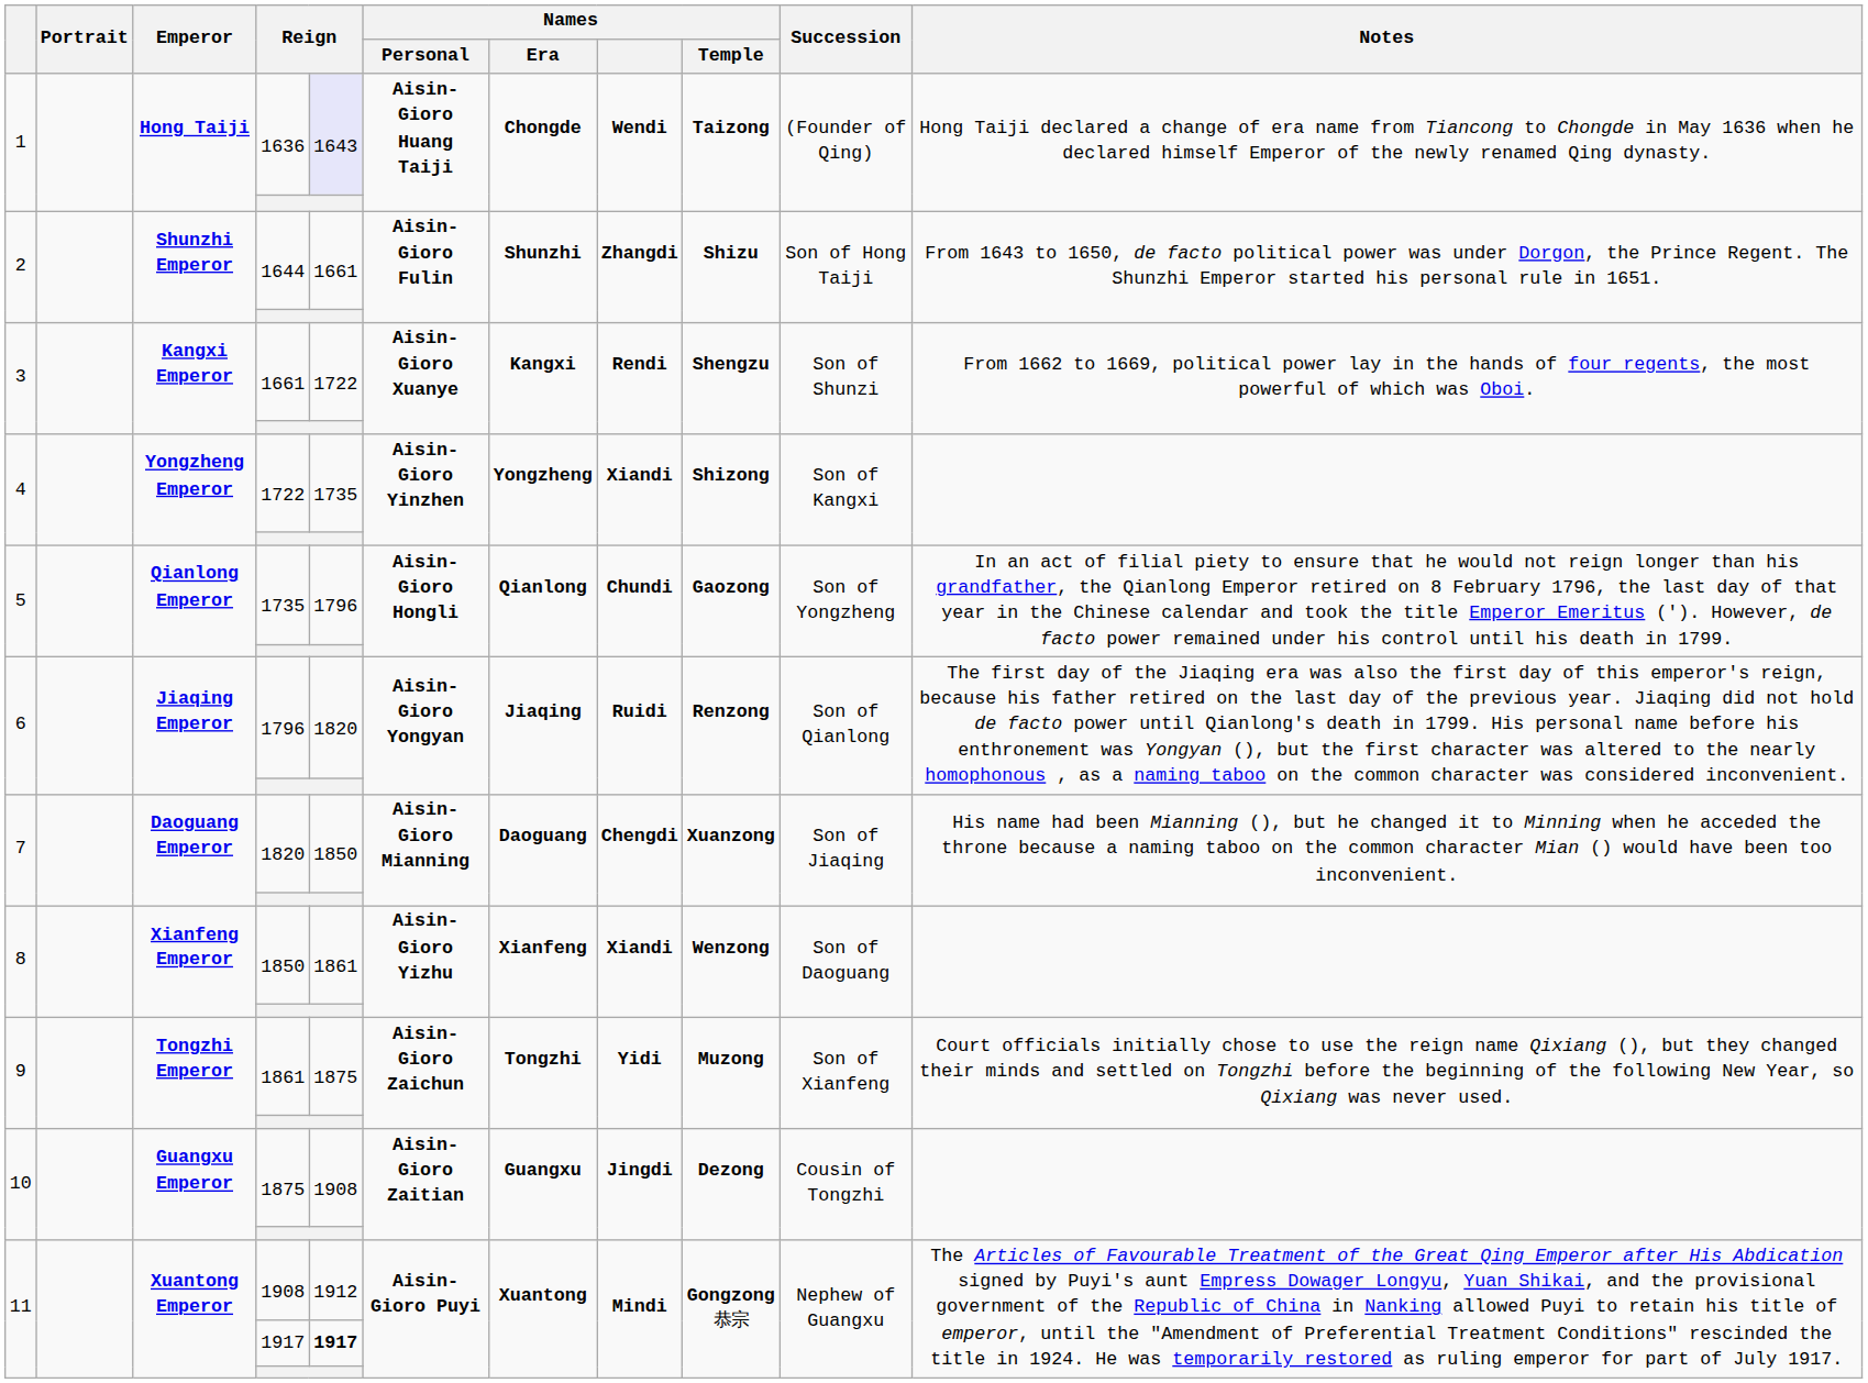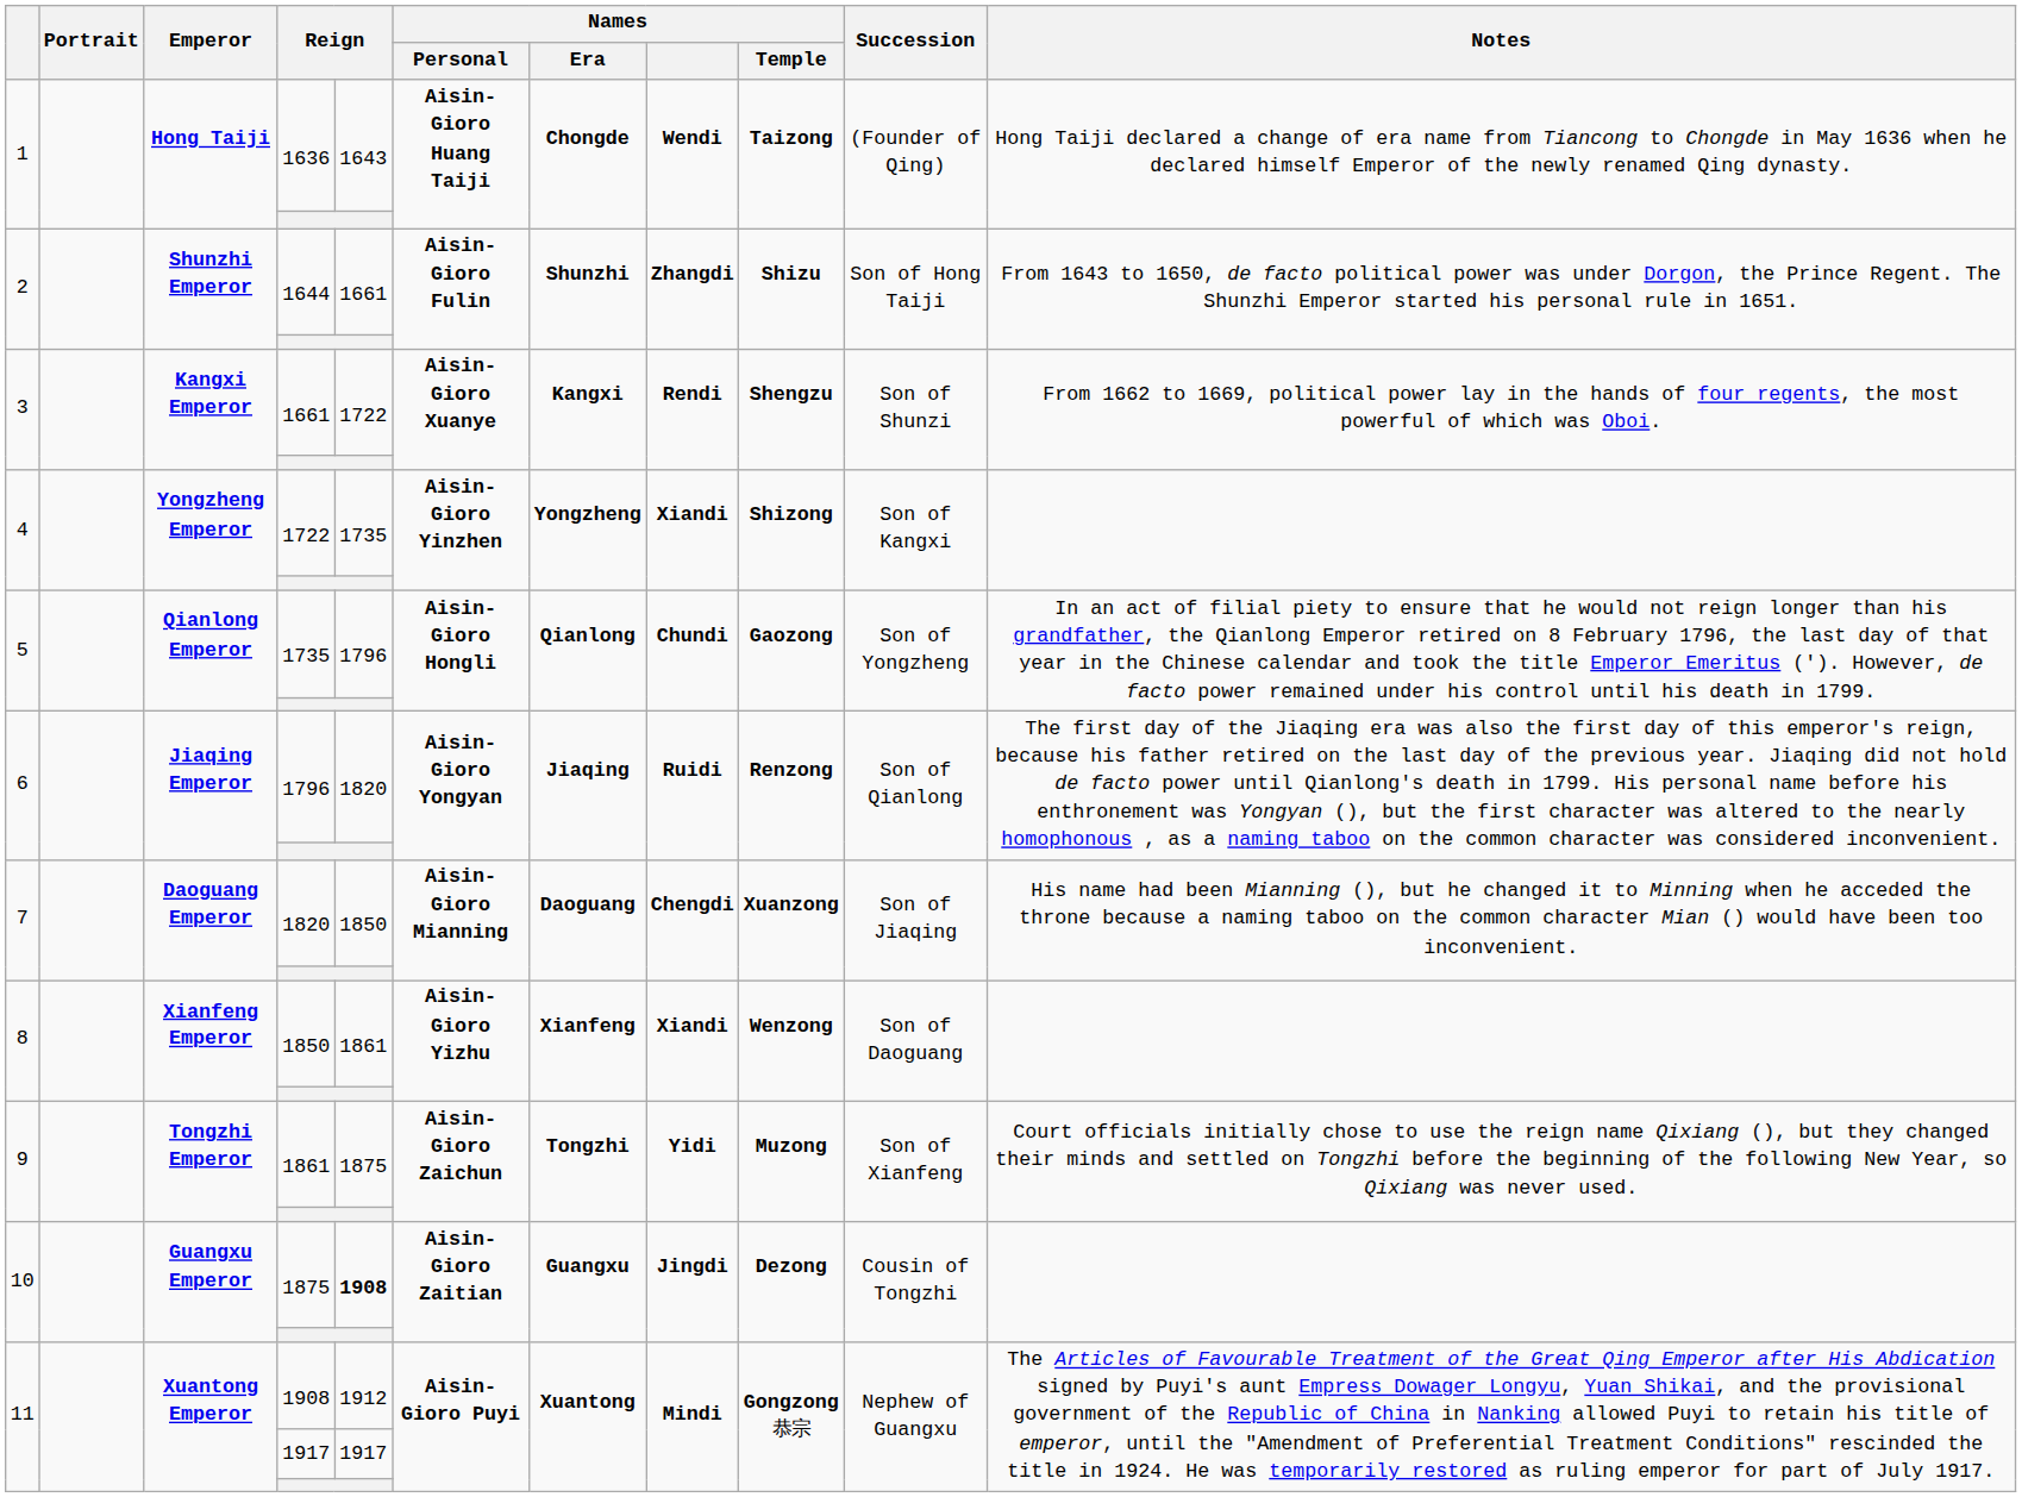 <table class="wikitable" style="line-height:1.4em; text-align:center; font-size:95% ">
 <tr>
 <th rowspan="2" scope="col"></th>
 <th colspan="1" rowspan="2" scope="col">Portrait</th>
 <th colspan="1" rowspan="2" scope="col">Emperor<br></th>
 <th colspan="2" rowspan="2" scope="col">Reign</th>
 <th colspan="4" scope="col">Names</th>
 <th rowspan="2" scope="col">Succession</th>
 <th rowspan="2">Notes</th>
 </tr>
 <tr>
 <th>Personal</th>
 <th>Era</th>
 <th></th>
 <th>Temple</th>
 </tr>
 <tr>
 <td rowspan="2">1</td>
 <td rowspan="2"></td>
 <td rowspan="2"><strong><a href='#'>Hong Taiji</a></strong><br><br></td>
 <td><br>1636</td>
-<td style="background: lavender;"><br>1643</td>
+<td><br>1643</td>
 <td rowspan="2"><strong>Aisin-Gioro Huang Taiji</strong><br><br><em></em></td>
 <td rowspan="2"><strong>Chongde</strong><br><br><em></em></td>
 <td rowspan="2"><strong>Wendi</strong><br><br><em></em></td>
 <td rowspan="2"><strong>Taizong</strong><br><br><em></em></td>
 <td rowspan="2">(Founder of Qing)</td>
 <td rowspan="2">Hong Taiji declared a change of era name from <em>Tiancong</em> to <em>Chongde</em> in May 1636 when he declared himself Emperor of the newly renamed Qing dynasty.</td>
 </tr>
 <tr>
 <th colspan="2" style="font-size:90%; font-weight:normal"></th>
 </tr>
 <tr>
 <td rowspan="2">2</td>
 <td rowspan="2"></td>
 <td rowspan="2"><strong><a href='#'>Shunzhi Emperor</a></strong><br><br></td>
 <td><br>1644</td>
 <td><br>1661</td>
 <td rowspan="2"><strong>Aisin-Gioro Fulin</strong><br><br><em></em></td>
 <td rowspan="2"><strong>Shunzhi</strong><br><br><em></em></td>
 <td rowspan="2"><strong>Zhangdi</strong><br><br><em></em></td>
 <td rowspan="2"><strong>Shizu</strong><br><br><em></em></td>
 <td rowspan="2">Son of Hong Taiji</td>
 <td rowspan="2">From 1643 to 1650, <em>de facto</em> political power was under <a href='#'>Dorgon</a>, the Prince Regent. The Shunzhi Emperor started his personal rule in 1651.</td>
 </tr>
 <tr>
 <th colspan="2" style="font-size:90%; font-weight:normal"></th>
 </tr>
 <tr>
 <td rowspan="2">3</td>
 <td rowspan="2"></td>
 <td rowspan="2"><strong><a href='#'>Kangxi Emperor</a></strong><br><br></td>
 <td><br>1661</td>
 <td><br> 1722</td>
 <td rowspan="2"><strong>Aisin-Gioro Xuanye</strong><br><br><em></em></td>
 <td rowspan="2"><strong>Kangxi</strong><br><br><em></em></td>
 <td rowspan="2"><strong>Rendi</strong><br><br><em></em></td>
 <td rowspan="2"><strong>Shengzu</strong><br><br><em></em></td>
 <td rowspan="2">Son of Shunzi</td>
 <td rowspan="2">From 1662 to 1669, political power lay in the hands of <a href='#'>four regents</a>, the most powerful of which was <a href='#'>Oboi</a>.</td>
 </tr>
 <tr>
 <th colspan="2" style="font-size:90%; font-weight:normal"></th>
 </tr>
 <tr>
 <td rowspan="2">4</td>
 <td rowspan="2"></td>
 <td rowspan="2"><strong><a href='#'>Yongzheng Emperor</a></strong><br><br></td>
 <td><br>1722</td>
 <td><br>1735</td>
 <td rowspan="2"><strong>Aisin-Gioro Yinzhen</strong><br><br><em></em></td>
 <td rowspan="2"><strong>Yongzheng</strong><br><br><em></em></td>
 <td rowspan="2"><strong>Xiandi</strong><br><br><em></em></td>
 <td rowspan="2"><strong>Shizong</strong><br><br><em></em></td>
 <td rowspan="2">Son of Kangxi</td>
 <td rowspan="2"></td>
 </tr>
 <tr>
 <th colspan="2" style="font-size:90%; font-weight:normal"></th>
 </tr>
 <tr>
 <td rowspan="2">5</td>
 <td rowspan="2"></td>
 <td rowspan="2"><strong><a href='#'>Qianlong Emperor</a></strong><br><br></td>
 <td><br>1735</td>
 <td><br>1796</td>
 <td rowspan="2"><strong>Aisin-Gioro Hongli</strong><br><br><em></em></td>
 <td rowspan="2"><strong>Qianlong</strong><br><br><em></em></td>
 <td rowspan="2"><strong>Chundi</strong><br><br><em></em></td>
 <td rowspan="2"><strong>Gaozong</strong><br><br><em></em></td>
 <td rowspan="2">Son of Yongzheng</td>
 <td rowspan="2">In an act of filial piety to ensure that he would not reign longer than his <a href='#'>grandfather</a>, the Qianlong Emperor retired on 8 February 1796, the last day of that year in the Chinese calendar and took the title <a href='#'>Emperor Emeritus</a> ('). However, <em>de facto</em> power remained under his control until his death in 1799.</td>
 </tr>
 <tr>
 <th colspan="2" style="font-size:90%; font-weight:normal"></th>
 </tr>
 <tr>
 <td rowspan="2">6</td>
 <td rowspan="2"></td>
 <td rowspan="2"><strong><a href='#'>Jiaqing Emperor</a></strong><br><br></td>
 <td><br>1796</td>
 <td><br>1820</td>
 <td rowspan="2"><strong>Aisin-Gioro Yongyan</strong><br><br><em></em></td>
 <td rowspan="2"><strong>Jiaqing</strong><br><br><em></em></td>
 <td rowspan="2"><strong>Ruidi</strong><br><br><em></em></td>
 <td rowspan="2"><strong>Renzong</strong><br><br><em></em></td>
 <td rowspan="2">Son of Qianlong</td>
 <td rowspan="2">The first day of the Jiaqing era was also the first day of this emperor's reign, because his father retired on the last day of the previous year. Jiaqing did not hold <em>de facto</em> power until Qianlong's death in 1799. His personal name before his enthronement was <em>Yongyan</em> (), but the first character was altered to the nearly <a href='#'>homophonous</a> , as a <a href='#'>naming taboo</a> on the common character  was considered inconvenient.</td>
 </tr>
 <tr>
 <th colspan="2" style="font-size:90%; font-weight:normal"></th>
 </tr>
 <tr>
 <td rowspan="2">7</td>
 <td rowspan="2"></td>
 <td rowspan="2"><strong><a href='#'>Daoguang Emperor</a></strong><br><br></td>
 <td><br>1820</td>
 <td><br>1850</td>
 <td rowspan="2"><strong>Aisin-Gioro Mianning</strong><br><br><em></em></td>
 <td rowspan="2"><strong>Daoguang</strong><br><br><em></em></td>
 <td rowspan="2"><strong>Chengdi</strong><br><br><em></em></td>
 <td rowspan="2"><strong>Xuanzong</strong><br><br><em></em></td>
 <td rowspan="2">Son of Jiaqing</td>
 <td rowspan="2">His name had been <em>Mianning</em> (), but he changed it to <em>Minning</em> when he acceded the throne because a naming taboo on the common character <em>Mian</em> () would have been too inconvenient.</td>
 </tr>
 <tr>
 <th colspan="2" style="font-size:90%; font-weight:normal"></th>
 </tr>
 <tr>
 <td rowspan="2">8</td>
 <td rowspan="2"></td>
 <td rowspan="2"><strong><a href='#'>Xianfeng Emperor</a></strong><br><br></td>
 <td><br>1850</td>
 <td><br>1861</td>
 <td rowspan="2"><strong>Aisin-Gioro Yizhu</strong><br><br><em></em></td>
 <td rowspan="2"><strong>Xianfeng</strong><br><br><em></em></td>
 <td rowspan="2"><strong>Xiandi</strong><br><br><em></em></td>
 <td rowspan="2"><strong>Wenzong</strong><br><br><em></em></td>
 <td rowspan="2">Son of Daoguang</td>
 <td rowspan="2"></td>
 </tr>
 <tr>
 <th colspan="2" style="font-size:90%; font-weight:normal"></th>
 </tr>
 <tr>
 <td rowspan="2">9</td>
 <td rowspan="2"></td>
 <td rowspan="2"><strong><a href='#'>Tongzhi Emperor</a></strong><br><br></td>
 <td><br>1861</td>
 <td><br>1875</td>
 <td rowspan="2"><strong>Aisin-Gioro Zaichun</strong><br><br><em></em></td>
 <td rowspan="2"><strong>Tongzhi</strong><br><br><em></em></td>
 <td rowspan="2"><strong>Yidi</strong><br><br><em></em></td>
 <td rowspan="2"><strong>Muzong</strong><br><br><em></em></td>
 <td rowspan="2">Son of Xianfeng</td>
 <td rowspan="2">Court officials initially chose to use the reign name <em>Qixiang</em> (), but they changed their minds and settled on <em>Tongzhi</em> before the beginning of the following New Year, so <em>Qixiang</em> was never used.</td>
 </tr>
 <tr>
 <th colspan="2" style="font-size:90%; font-weight:normal"></th>
 </tr>
 <tr>
 <td rowspan="2">10</td>
 <td rowspan="2"></td>
 <td rowspan="2"><strong><a href='#'>Guangxu Emperor</a></strong><br><br></td>
 <td><br>1875</td>
-<td><br>1908</td>
+<td><strong><br>1908</strong></td>
 <td rowspan="2"><strong>Aisin-Gioro Zaitian</strong><br><br><em></em></td>
 <td rowspan="2"><strong>Guangxu</strong><br><br><em></em></td>
 <td rowspan="2"><strong>Jingdi</strong><br><br><em></em></td>
 <td rowspan="2"><strong>Dezong</strong><br><br><em></em></td>
 <td rowspan="2">Cousin of Tongzhi</td>
 <td rowspan="2"></td>
 </tr>
 <tr>
 <th colspan="2" style="font-size:90%; font-weight:normal"></th>
 </tr>
 <tr>
 <td rowspan="3">11</td>
 <td rowspan="3"></td>
 <td rowspan="3"><strong><a href='#'>Xuantong Emperor</a></strong><br><br></td>
 <td><br>1908</td>
 <td><br>1912</td>
 <td rowspan="3"><strong>Aisin-Gioro Puyi</strong><br><br><em></em></td>
 <td rowspan="3"><strong>Xuantong</strong><br><br><em></em></td>
 <td rowspan="3"><strong>Mindi</strong><br></td>
 <td rowspan="3"><strong>Gongzong</strong><br>恭宗</td>
 <td rowspan="3">Nephew of Guangxu</td>
 <td rowspan="3">The <em><a href='#'>Articles of Favourable Treatment of the Great Qing Emperor after His Abdication</a></em> signed by Puyi's aunt <a href='#'>Empress Dowager Longyu</a>, <a href='#'>Yuan Shikai</a>, and the provisional government of the <a href='#'>Republic of China</a> in <a href='#'>Nanking</a> allowed Puyi to retain his title of <em>emperor</em>, until the "Amendment of Preferential Treatment Conditions" rescinded the title in 1924. He was <a href='#'>temporarily restored</a> as ruling emperor for part of July 1917.</td>
 </tr>
 <tr>
 <td> 1917</td>
-<td><strong> 1917</strong></td>
+<td> 1917</td>
 </tr>
 <tr>
 <th colspan="2" style="font-size:90%; font-weight:normal"></th>
 </tr>
 </table>
